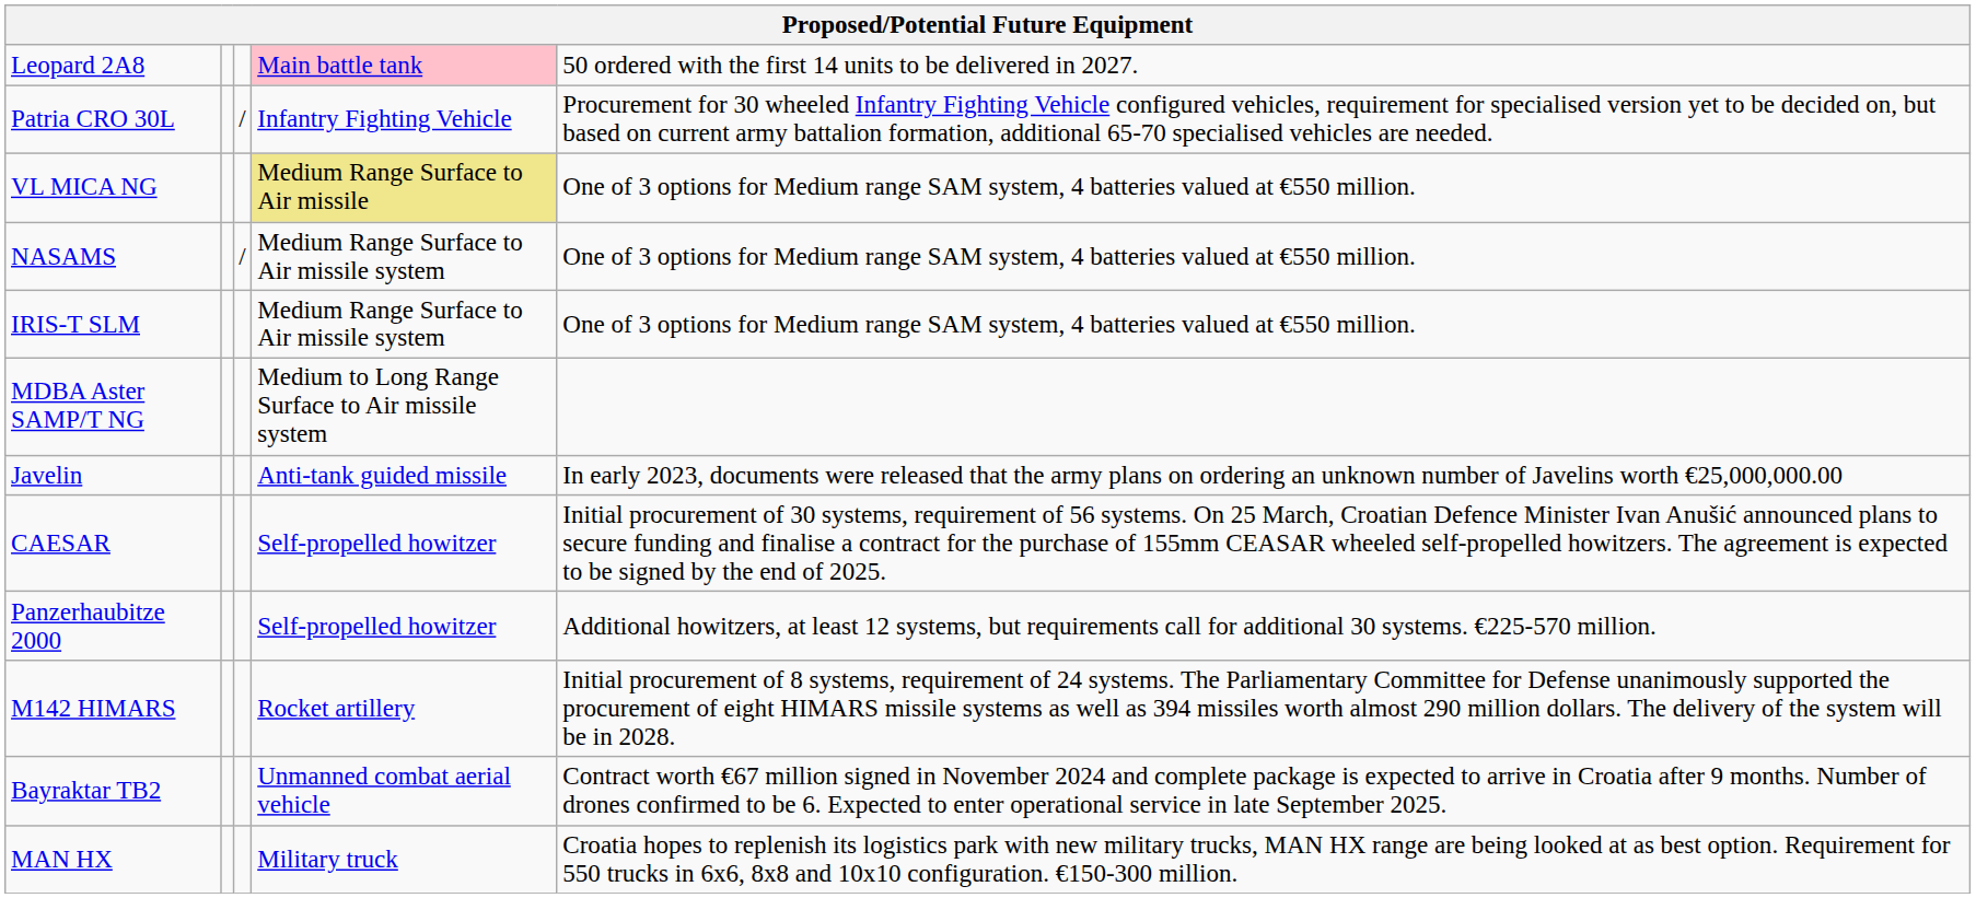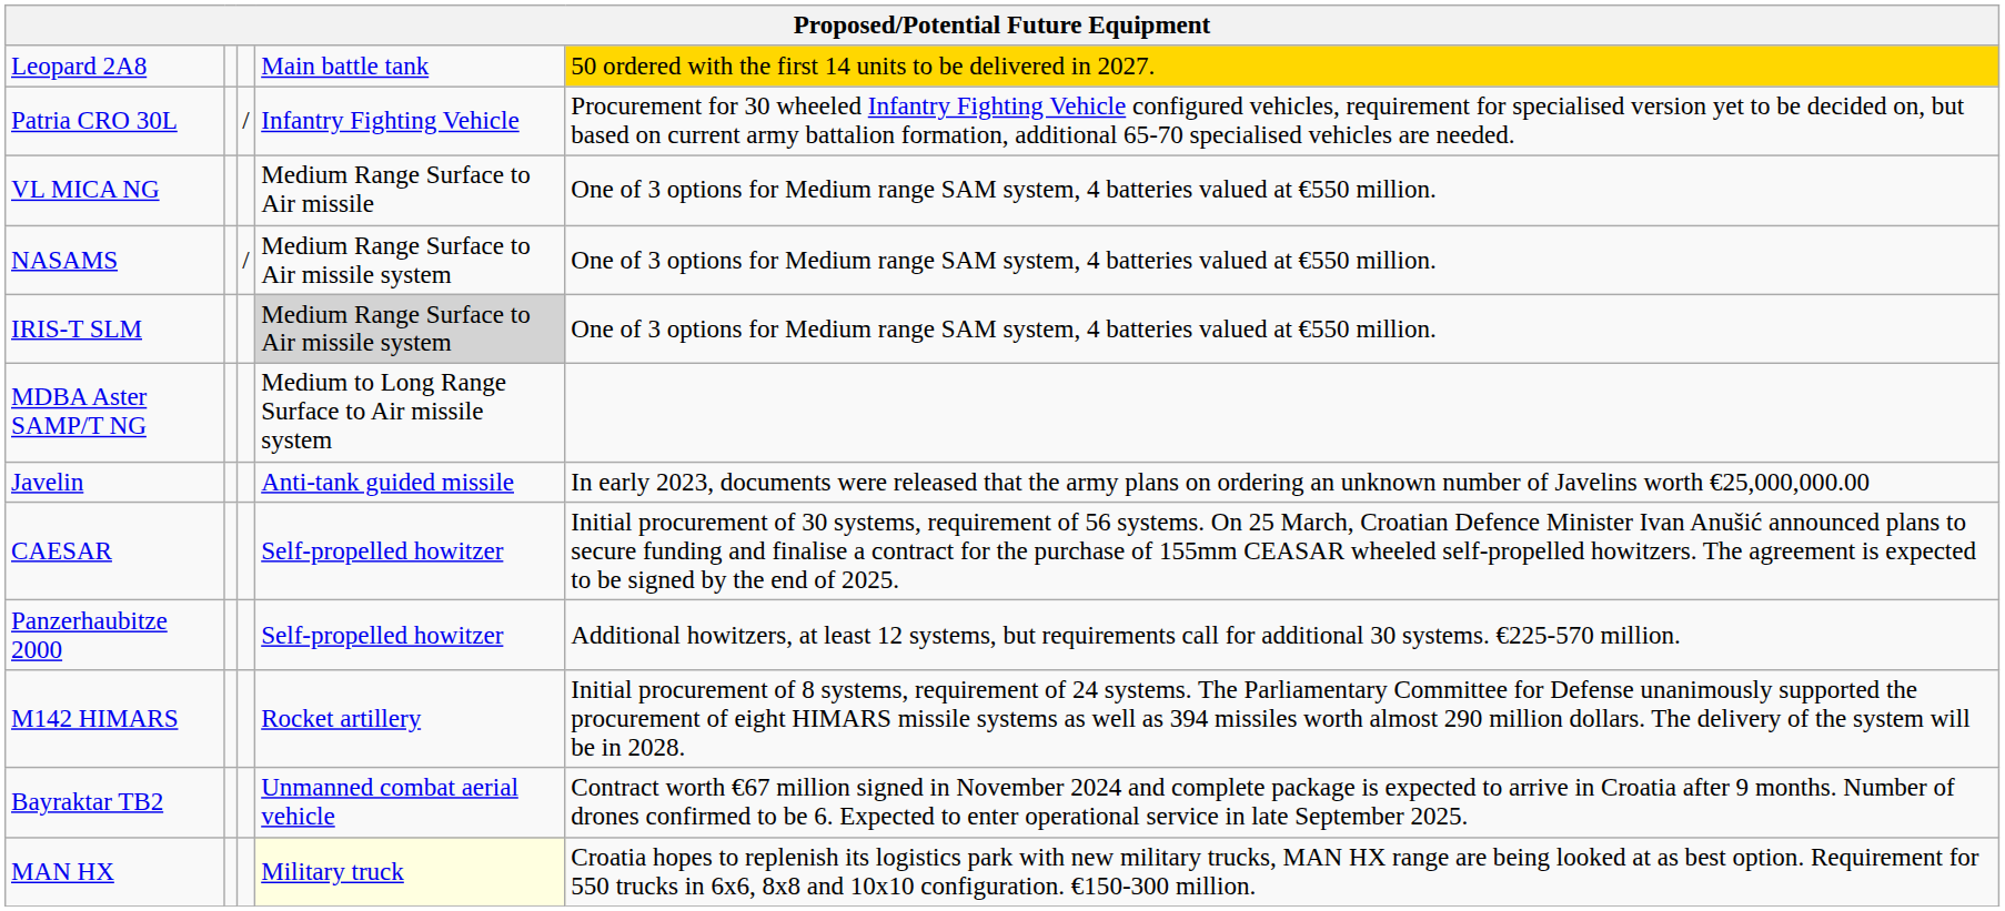 <table class="wikitable">
 <tr>
 <th colspan="7">Proposed/Potential Future Equipment</th>
 </tr>
 <tr>
 <td><a href='#'>Leopard 2A8</a></td>
 <td></td>
 <td></td>
-<td style="background: pink;"><a href='#'>Main battle tank</a></td>
-<td>50 ordered with the first 14 units to be delivered in 2027.</td>
+<td><a href='#'>Main battle tank</a></td>
+<td style="background: gold;">50 ordered with the first 14 units to be delivered in 2027.</td>
 </tr>
 <tr>
 <td><a href='#'>Patria CRO 30L</a></td>
 <td></td>
 <td>/</td>
 <td><a href='#'>Infantry Fighting Vehicle</a></td>
 <td>Procurement for 30 wheeled <a href='#'>Infantry Fighting Vehicle</a> configured vehicles, requirement for specialised version yet to be decided on, but based on current army battalion formation, additional 65-70 specialised vehicles are needed.</td>
 </tr>
 <tr>
 <td><a href='#'>VL MICA NG</a></td>
 <td></td>
 <td></td>
-<td style="background: khaki;">Medium Range Surface to Air missile</td>
+<td>Medium Range Surface to Air missile</td>
 <td>One of 3 options for Medium range SAM system, 4 batteries valued at €550 million.</td>
 </tr>
 <tr>
 <td><a href='#'>NASAMS</a></td>
 <td></td>
 <td>/</td>
 <td>Medium Range Surface to Air missile system</td>
 <td>One of 3 options for Medium range SAM system, 4 batteries valued at €550 million.</td>
 </tr>
 <tr>
 <td><a href='#'>IRIS-T SLM</a></td>
 <td></td>
 <td></td>
-<td>Medium Range Surface to Air missile system</td>
+<td style="background: lightgrey;">Medium Range Surface to Air missile system</td>
 <td>One of 3 options for Medium range SAM system, 4 batteries valued at €550 million.</td>
 </tr>
 <tr>
 <td><a href='#'>MDBA Aster SAMP/T NG</a></td>
 <td></td>
 <td></td>
 <td>Medium to Long Range Surface to Air missile system</td>
 <td></td>
 </tr>
 <tr>
 <td><a href='#'>Javelin</a></td>
 <td></td>
 <td></td>
 <td><a href='#'>Anti-tank guided missile</a></td>
 <td>In early 2023, documents were released that the army plans on ordering an unknown number of Javelins worth €25,000,000.00 </td>
 </tr>
 <tr>
 <td><a href='#'>CAESAR</a></td>
 <td></td>
 <td></td>
 <td><a href='#'>Self-propelled howitzer</a></td>
 <td>Initial procurement of 30 systems, requirement of 56 systems. On 25 March, Croatian Defence Minister Ivan Anušić announced plans to secure funding and finalise a contract for the purchase of 155mm CEASAR wheeled self-propelled howitzers. The agreement is expected to be signed by the end of 2025.</td>
 </tr>
 <tr>
 <td><a href='#'>Panzerhaubitze 2000</a></td>
 <td></td>
 <td></td>
 <td><a href='#'>Self-propelled howitzer</a></td>
 <td>Additional howitzers, at least 12 systems, but requirements call for additional 30 systems. €225-570 million.</td>
 </tr>
 <tr>
 <td><a href='#'>M142 HIMARS</a></td>
 <td></td>
 <td></td>
 <td><a href='#'>Rocket artillery</a></td>
 <td>Initial procurement of 8 systems, requirement of 24 systems. The Parliamentary Committee for Defense unanimously supported the procurement of eight HIMARS missile systems as well as 394 missiles worth almost 290 million dollars. The delivery of the system will be in 2028.</td>
 </tr>
 <tr>
 <td><a href='#'>Bayraktar TB2</a></td>
 <td></td>
 <td></td>
 <td><a href='#'>Unmanned combat aerial vehicle</a></td>
 <td>Contract worth €67 million signed in November 2024 and complete package is expected to arrive in Croatia after 9 months. Number of drones confirmed to be 6. Expected to enter operational service in late September 2025.</td>
 </tr>
 <tr>
 <td><a href='#'>MAN HX</a></td>
 <td></td>
 <td></td>
-<td><a href='#'>Military truck</a></td>
+<td style="background: lightyellow;"><a href='#'>Military truck</a></td>
 <td>Croatia hopes to replenish its logistics park with new military trucks, MAN HX range are being looked at as best option. Requirement for 550 trucks in 6x6, 8x8 and 10x10 configuration. €150-300 million.</td>
 </tr>
 </table>
